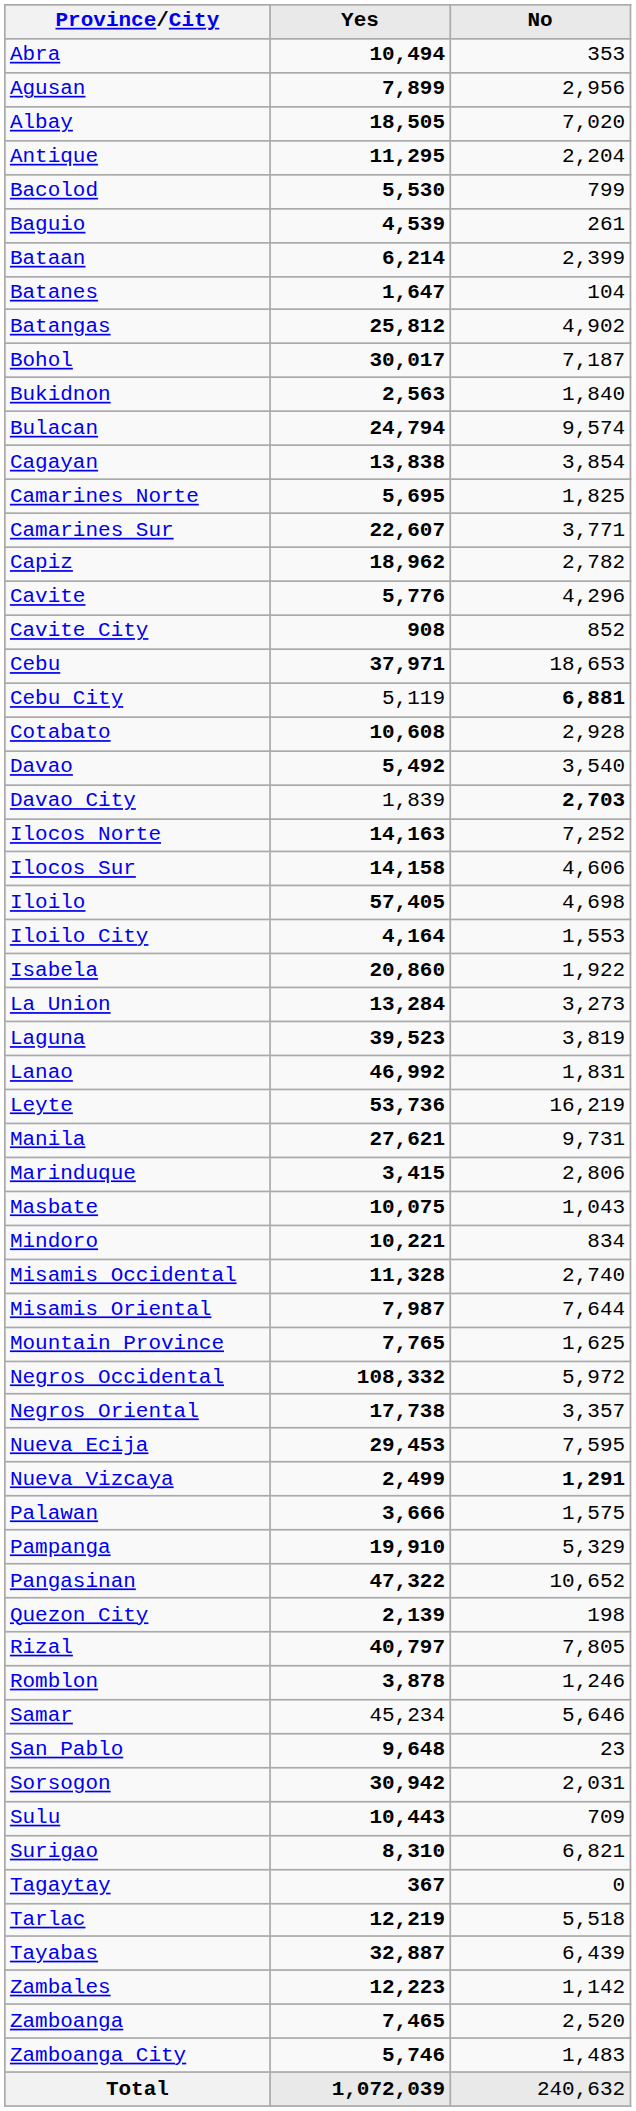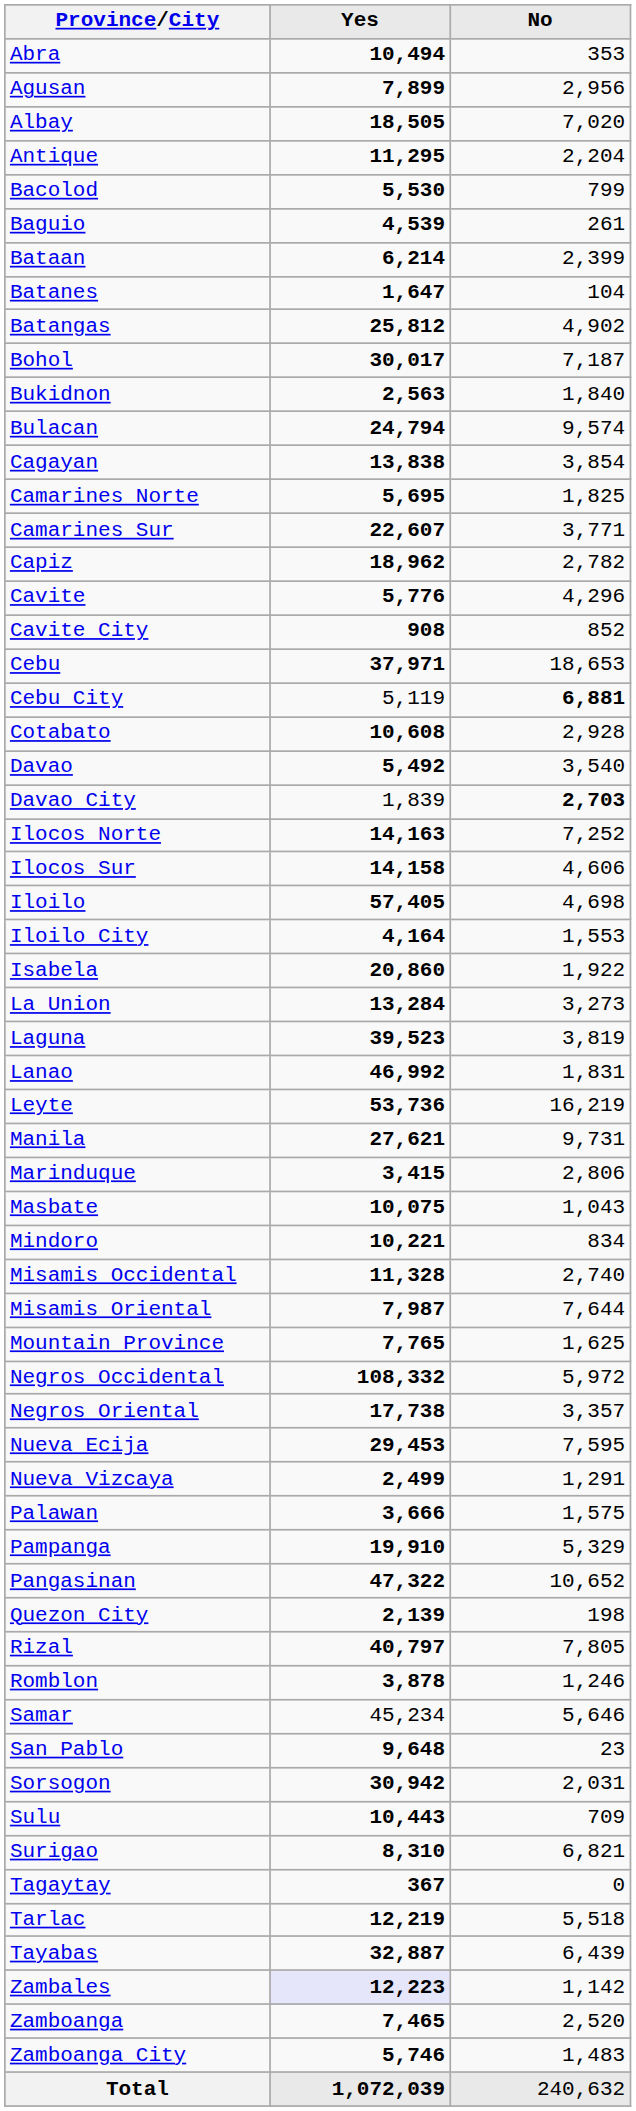 <table class="wikitable" style="text-align:right; font-size:95%">
 <tr>
 <th width="150px" align="left"><a href='#'>Province</a>/<a href='#'>City</a></th>
 <th width="100px" align="center" style="background: #E9E9E9">Yes</th>
 <th width="100px" align="center" style="background: #E9E9E9">No</th>
 </tr>
 <tr>
 <td align="left"><a href='#'>Abra</a></td>
 <td><strong>10,494</strong></td>
 <td>353</td>
 </tr>
 <tr>
 <td align="left"><a href='#'>Agusan</a></td>
 <td><strong>7,899</strong></td>
 <td>2,956</td>
 </tr>
 <tr>
 <td align="left"><a href='#'>Albay</a></td>
 <td><strong>18,505</strong></td>
 <td>7,020</td>
 </tr>
 <tr>
 <td align="left"><a href='#'>Antique</a></td>
 <td><strong>11,295</strong></td>
 <td>2,204</td>
 </tr>
 <tr>
 <td align="left"><a href='#'>Bacolod</a></td>
 <td><strong>5,530</strong></td>
 <td>799</td>
 </tr>
 <tr>
 <td align="left"><a href='#'>Baguio</a></td>
 <td><strong>4,539</strong></td>
 <td>261</td>
 </tr>
 <tr>
 <td align="left"><a href='#'>Bataan</a></td>
 <td><strong>6,214</strong></td>
 <td>2,399</td>
 </tr>
 <tr>
 <td align="left"><a href='#'>Batanes</a></td>
 <td><strong>1,647</strong></td>
 <td>104</td>
 </tr>
 <tr>
 <td align="left"><a href='#'>Batangas</a></td>
 <td><strong>25,812</strong></td>
 <td>4,902</td>
 </tr>
 <tr>
 <td align="left"><a href='#'>Bohol</a></td>
 <td><strong>30,017</strong></td>
 <td>7,187</td>
 </tr>
 <tr>
 <td align="left"><a href='#'>Bukidnon</a></td>
 <td><strong>2,563</strong></td>
 <td>1,840</td>
 </tr>
 <tr>
 <td align="left"><a href='#'>Bulacan</a></td>
 <td><strong>24,794</strong></td>
 <td>9,574</td>
 </tr>
 <tr>
 <td align="left"><a href='#'>Cagayan</a></td>
 <td><strong>13,838</strong></td>
 <td>3,854</td>
 </tr>
 <tr>
 <td align="left"><a href='#'>Camarines Norte</a></td>
 <td><strong>5,695</strong></td>
 <td>1,825</td>
 </tr>
 <tr>
 <td align="left"><a href='#'>Camarines Sur</a></td>
 <td><strong>22,607</strong></td>
 <td>3,771</td>
 </tr>
 <tr>
 <td align="left"><a href='#'>Capiz</a></td>
 <td><strong>18,962</strong></td>
 <td>2,782</td>
 </tr>
 <tr>
 <td align="left"><a href='#'>Cavite</a></td>
 <td><strong>5,776</strong></td>
 <td>4,296</td>
 </tr>
 <tr>
 <td align="left"><a href='#'>Cavite City</a></td>
 <td><strong>908</strong></td>
 <td>852</td>
 </tr>
 <tr>
 <td align="left"><a href='#'>Cebu</a></td>
 <td><strong>37,971</strong></td>
 <td>18,653</td>
 </tr>
 <tr>
 <td align="left"><a href='#'>Cebu City</a></td>
 <td>5,119</td>
 <td><strong>6,881</strong></td>
 </tr>
 <tr>
 <td align="left"><a href='#'>Cotabato</a></td>
 <td><strong>10,608</strong></td>
 <td>2,928</td>
 </tr>
 <tr>
 <td align="left"><a href='#'>Davao</a></td>
 <td><strong>5,492</strong></td>
 <td>3,540</td>
 </tr>
 <tr>
 <td align="left"><a href='#'>Davao City</a></td>
 <td>1,839</td>
 <td><strong>2,703</strong></td>
 </tr>
 <tr>
 <td align="left"><a href='#'>Ilocos Norte</a></td>
 <td><strong>14,163</strong></td>
 <td>7,252</td>
 </tr>
 <tr>
 <td align="left"><a href='#'>Ilocos Sur</a></td>
 <td><strong>14,158</strong></td>
 <td>4,606</td>
 </tr>
 <tr>
 <td align="left"><a href='#'>Iloilo</a></td>
 <td><strong>57,405</strong></td>
 <td>4,698</td>
 </tr>
 <tr>
 <td align="left"><a href='#'>Iloilo City</a></td>
 <td><strong>4,164</strong></td>
 <td>1,553</td>
 </tr>
 <tr>
 <td align="left"><a href='#'>Isabela</a></td>
 <td><strong>20,860</strong></td>
 <td>1,922</td>
 </tr>
 <tr>
 <td align="left"><a href='#'>La Union</a></td>
 <td><strong>13,284</strong></td>
 <td>3,273</td>
 </tr>
 <tr>
 <td align="left"><a href='#'>Laguna</a></td>
 <td><strong>39,523</strong></td>
 <td>3,819</td>
 </tr>
 <tr>
 <td align="left"><a href='#'>Lanao</a></td>
 <td><strong>46,992</strong></td>
 <td>1,831</td>
 </tr>
 <tr>
 <td align="left"><a href='#'>Leyte</a></td>
 <td><strong>53,736</strong></td>
 <td>16,219</td>
 </tr>
 <tr>
 <td align="left"><a href='#'>Manila</a></td>
 <td><strong>27,621</strong></td>
 <td>9,731</td>
 </tr>
 <tr>
 <td align="left"><a href='#'>Marinduque</a></td>
 <td><strong>3,415</strong></td>
 <td>2,806</td>
 </tr>
 <tr>
 <td align="left"><a href='#'>Masbate</a></td>
 <td><strong>10,075</strong></td>
 <td>1,043</td>
 </tr>
 <tr>
 <td align="left"><a href='#'>Mindoro</a></td>
 <td><strong>10,221</strong></td>
 <td>834</td>
 </tr>
 <tr>
 <td align="left"><a href='#'>Misamis Occidental</a></td>
 <td><strong>11,328</strong></td>
 <td>2,740</td>
 </tr>
 <tr>
 <td align="left"><a href='#'>Misamis Oriental</a></td>
 <td><strong>7,987</strong></td>
 <td>7,644</td>
 </tr>
 <tr>
 <td align="left"><a href='#'>Mountain Province</a></td>
 <td><strong>7,765</strong></td>
 <td>1,625</td>
 </tr>
 <tr>
 <td align="left"><a href='#'>Negros Occidental</a></td>
 <td><strong>108,332</strong></td>
 <td>5,972</td>
 </tr>
 <tr>
 <td align="left"><a href='#'>Negros Oriental</a></td>
 <td><strong>17,738</strong></td>
 <td>3,357</td>
 </tr>
 <tr>
 <td align="left"><a href='#'>Nueva Ecija</a></td>
 <td><strong>29,453</strong></td>
 <td>7,595</td>
 </tr>
 <tr>
 <td align="left"><a href='#'>Nueva Vizcaya</a></td>
 <td><strong>2,499</strong></td>
-<td><strong>1,291</strong></td>
+<td>1,291</td>
 </tr>
 <tr>
 <td align="left"><a href='#'>Palawan</a></td>
 <td><strong>3,666</strong></td>
 <td>1,575</td>
 </tr>
 <tr>
 <td align="left"><a href='#'>Pampanga</a></td>
 <td><strong>19,910</strong></td>
 <td>5,329</td>
 </tr>
 <tr>
 <td align="left"><a href='#'>Pangasinan</a></td>
 <td><strong>47,322</strong></td>
 <td>10,652</td>
 </tr>
 <tr>
 <td align="left"><a href='#'>Quezon City</a></td>
 <td><strong>2,139</strong></td>
 <td>198</td>
 </tr>
 <tr>
 <td align="left"><a href='#'>Rizal</a></td>
 <td><strong>40,797</strong></td>
 <td>7,805</td>
 </tr>
 <tr>
 <td align="left"><a href='#'>Romblon</a></td>
 <td><strong>3,878</strong></td>
 <td>1,246</td>
 </tr>
 <tr>
 <td align="left"><a href='#'>Samar</a></td>
 <td>45,234</td>
 <td>5,646</td>
 </tr>
 <tr>
 <td align="left"><a href='#'>San Pablo</a></td>
 <td><strong>9,648</strong></td>
 <td>23</td>
 </tr>
 <tr>
 <td align="left"><a href='#'>Sorsogon</a></td>
 <td><strong>30,942</strong></td>
 <td>2,031</td>
 </tr>
 <tr>
 <td align="left"><a href='#'>Sulu</a></td>
 <td><strong>10,443</strong></td>
 <td>709</td>
 </tr>
 <tr>
 <td align="left"><a href='#'>Surigao</a></td>
 <td><strong>8,310</strong></td>
 <td>6,821</td>
 </tr>
 <tr>
 <td align="left"><a href='#'>Tagaytay</a></td>
 <td><strong>367</strong></td>
 <td>0</td>
 </tr>
 <tr>
 <td align="left"><a href='#'>Tarlac</a></td>
 <td><strong>12,219</strong></td>
 <td>5,518</td>
 </tr>
 <tr>
 <td align="left"><a href='#'>Tayabas</a></td>
 <td><strong>32,887</strong></td>
 <td>6,439</td>
 </tr>
 <tr>
 <td align="left"><a href='#'>Zambales</a></td>
-<td><strong>12,223</strong></td>
+<td style="background: lavender;"><strong>12,223</strong></td>
 <td>1,142</td>
 </tr>
 <tr>
 <td align="left"><a href='#'>Zamboanga</a></td>
 <td><strong>7,465</strong></td>
 <td>2,520</td>
 </tr>
 <tr>
 <td align="left"><a href='#'>Zamboanga City</a></td>
 <td><strong>5,746</strong></td>
 <td>1,483</td>
 </tr>
 <tr style="background:#E9E9E9">
 <th align="center"><strong>Total</strong></th>
 <td><strong>1,072,039</strong></td>
 <td>240,632</td>
 </tr>
 </table>
